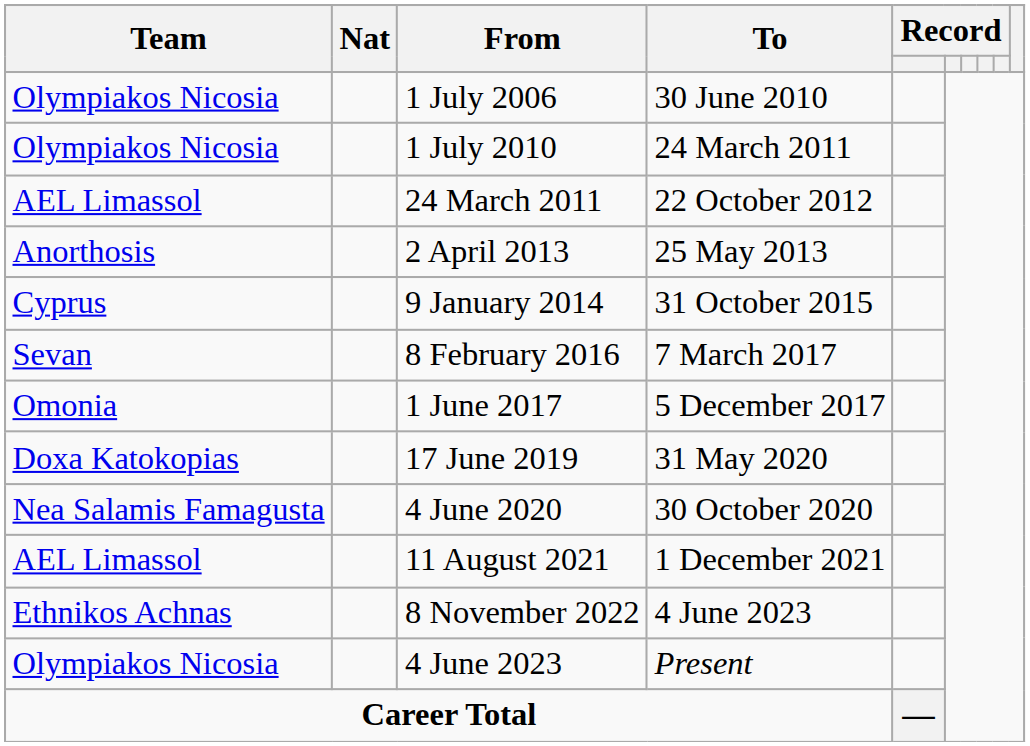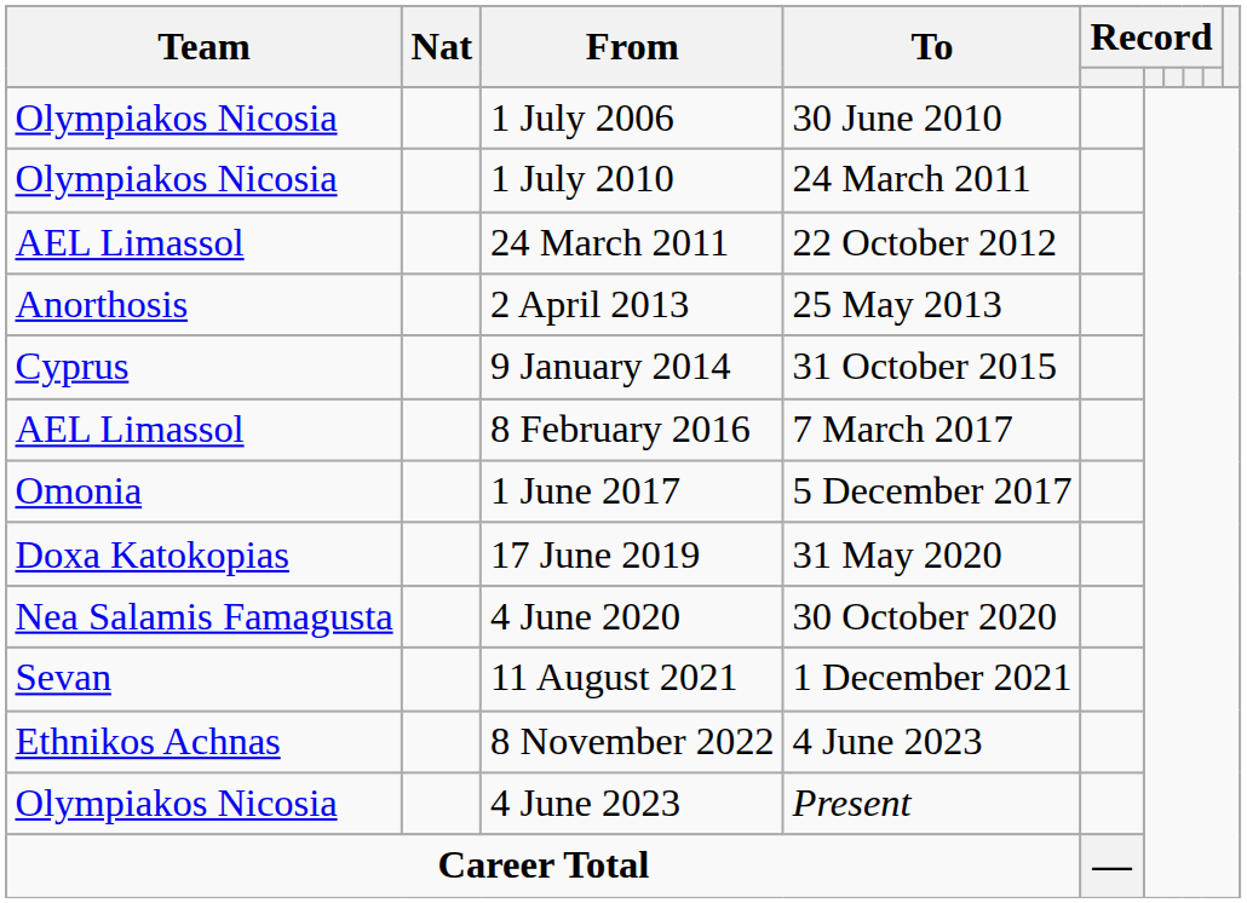 <table class="wikitable" style="text-align: center">
 <tr>
 <th rowspan="2">Team</th>
 <th rowspan="2">Nat</th>
 <th rowspan="2">From</th>
 <th rowspan="2">To</th>
 <th colspan="5">Record</th>
 <th rowspan=2></th>
 </tr>
 <tr>
 <th></th>
 <th></th>
 <th></th>
 <th></th>
 <th></th>
 </tr>
 <tr>
 <td align="left"><a href='#'>Olympiakos Nicosia</a></td>
 <td></td>
 <td align=left>1 July 2006</td>
 <td align=left>30 June 2010<br></td>
 <td></td>
 </tr>
 <tr>
 <td align="left"><a href='#'>Olympiakos Nicosia</a></td>
 <td></td>
 <td align=left>1 July 2010</td>
 <td align=left>24 March 2011<br></td>
 <td></td>
 </tr>
 <tr>
 <td align="left"><a href='#'>AEL Limassol</a></td>
 <td></td>
 <td align=left>24 March 2011</td>
 <td align=left>22 October 2012<br></td>
 <td></td>
 </tr>
 <tr>
 <td align="left"><a href='#'>Anorthosis</a></td>
 <td></td>
 <td align=left>2 April 2013</td>
 <td align=left>25 May 2013<br></td>
 <td></td>
 </tr>
 <tr>
 <td align="left"><a href='#'>Cyprus</a></td>
 <td></td>
 <td align=left>9 January 2014</td>
 <td align=left>31 October 2015<br></td>
 <td></td>
 </tr>
 <tr>
-<td align="left"><a href='#'>Sevan</a></td>
+<td align="left"><a href='#'>AEL Limassol</a></td>
 <td></td>
 <td align=left>8 February 2016</td>
 <td align=left>7 March 2017<br></td>
 <td></td>
 </tr>
 <tr>
 <td align="left"><a href='#'>Omonia</a></td>
 <td></td>
 <td align=left>1 June 2017</td>
 <td align=left>5 December 2017<br></td>
 <td></td>
 </tr>
 <tr>
 <td align="left"><a href='#'>Doxa Katokopias</a></td>
 <td></td>
 <td align=left>17 June 2019</td>
 <td align=left>31 May 2020<br></td>
 <td></td>
 </tr>
 <tr>
 <td align="left"><a href='#'>Nea Salamis Famagusta</a></td>
 <td></td>
 <td align=left>4 June 2020</td>
 <td align=left>30 October 2020<br></td>
 <td></td>
 </tr>
 <tr>
-<td align="left"><a href='#'>AEL Limassol</a></td>
+<td align="left"><a href='#'>Sevan</a></td>
 <td></td>
 <td align=left>11 August 2021</td>
 <td align=left>1 December 2021<br></td>
 <td></td>
 </tr>
 <tr>
 <td align="left"><a href='#'>Ethnikos Achnas</a></td>
 <td></td>
 <td align=left>8 November 2022</td>
 <td align=left>4 June 2023<br></td>
 <td></td>
 </tr>
 <tr>
 <td align="left"><a href='#'>Olympiakos Nicosia</a></td>
 <td></td>
 <td align=left>4 June 2023</td>
 <td align=left><em>Present</em><br></td>
 <td></td>
 </tr>
 <tr>
 <td colspan=4><strong>Career Total</strong><br></td>
 <th>—</th>
 </tr>
 </table>
